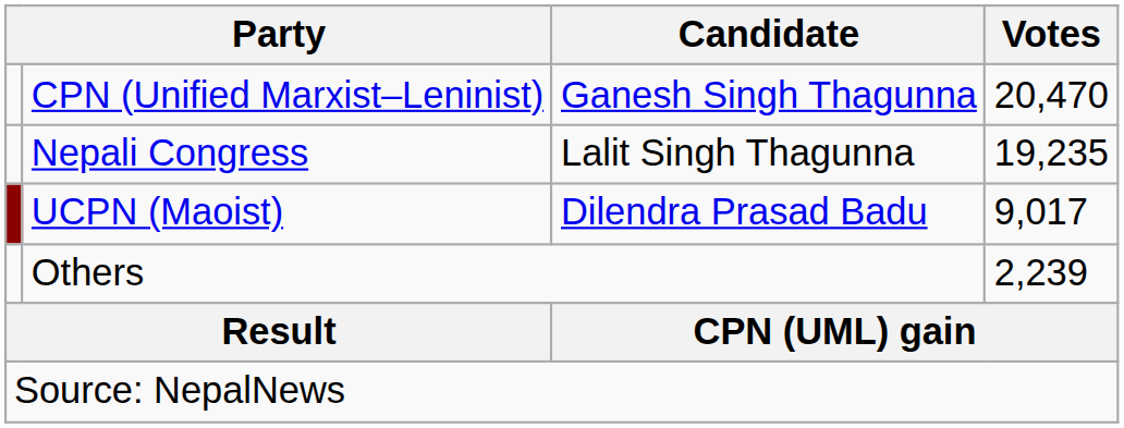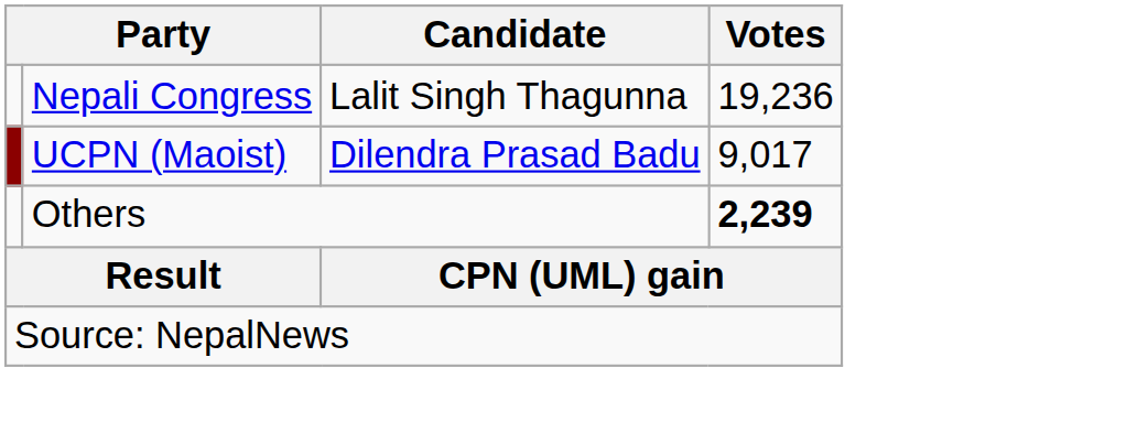 <table class="wikitable">
 <tr>
 <th colspan="2">Party</th>
 <th>Candidate</th>
 <th>Votes</th>
 </tr>
 <tr>
 <td style="background-color:"></td>
-<td><a href='#'>CPN (Unified Marxist–Leninist)</a></td>
-<td><a href='#'>Ganesh Singh Thagunna</a></td>
-<td>20,470</td>
-</tr>
-<tr>
-<td style="background-color:"></td>
 <td><a href='#'>Nepali Congress</a></td>
 <td>Lalit Singh Thagunna</td>
-<td>19,235</td>
+<td>19,236</td>
 </tr>
 <tr>
 <td style="background-color:darkred"></td>
 <td><a href='#'>UCPN (Maoist)</a></td>
 <td><a href='#'>Dilendra Prasad Badu</a></td>
 <td>9,017</td>
 </tr>
 <tr>
 <td></td>
 <td colspan="2">Others</td>
-<td>2,239</td>
+<td><strong>2,239</strong></td>
 </tr>
 <tr>
 <th colspan="2">Result</th>
 <th colspan="2">CPN (UML) gain</th>
 </tr>
 <tr>
 <td colspan="4">Source: NepalNews</td>
 </tr>
 </table>
